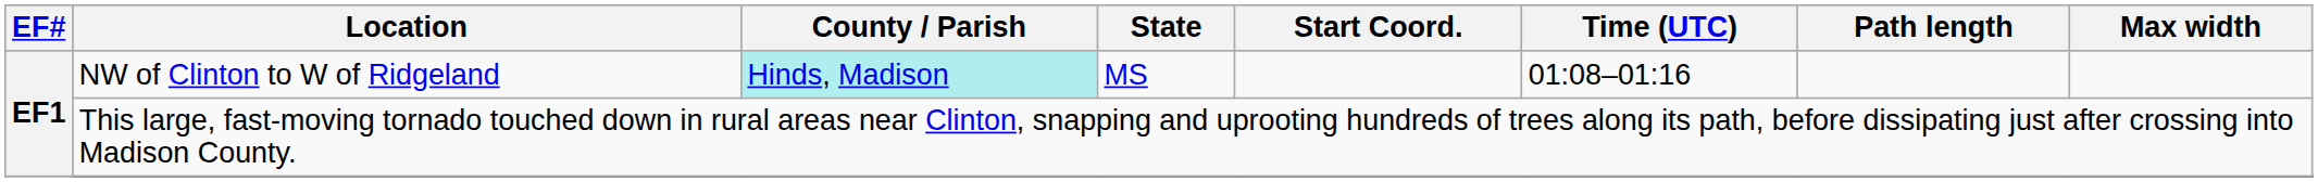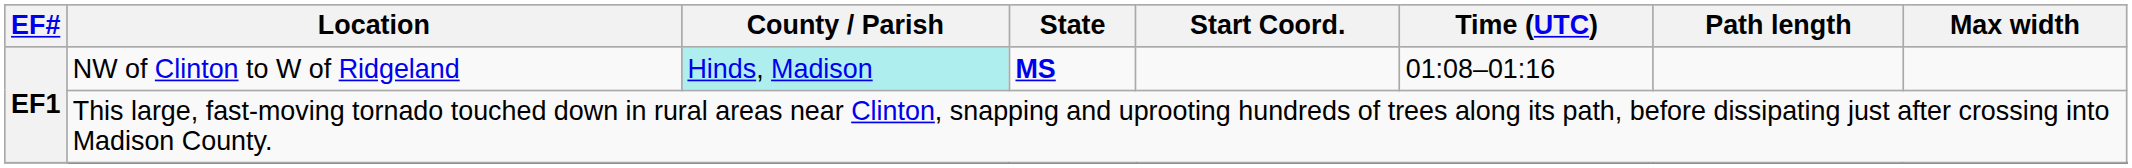 <table class="wikitable sortable" style="width:100%;">
 <tr>
 <th scope="col" width="2%" align="center"><a href='#'>EF#</a></th>
 <th scope="col" align="center" class="unsortable">Location</th>
 <th scope="col" align="center" class="unsortable">County / Parish</th>
 <th scope="col" align="center">State</th>
 <th scope="col" align="center">Start Coord.</th>
 <th scope="col" align="center">Time (<a href='#'>UTC</a>)</th>
 <th scope="col" align="center">Path length</th>
 <th scope="col" align="center">Max width</th>
 </tr>
 <tr>
 <th scope="row" rowspan="2" style="background-color:#">EF1</th>
 <td>NW of <a href='#'>Clinton</a> to W of <a href='#'>Ridgeland</a></td>
 <td style="background: paleturquoise;"><a href='#'>Hinds</a>, <a href='#'>Madison</a></td>
-<td><a href='#'>MS</a></td>
+<td><strong><a href='#'>MS</a></strong></td>
 <td></td>
 <td>01:08–01:16</td>
 <td></td>
 <td></td>
 </tr>
 <tr class="expand-child">
 <td colspan="8" style=" border-bottom: 1px solid black;">This large, fast-moving tornado touched down in rural areas near <a href='#'>Clinton</a>, snapping and uprooting hundreds of trees along its path, before dissipating just after crossing into Madison County.</td>
 </tr>
 <tr>
 </tr>
 </table>
